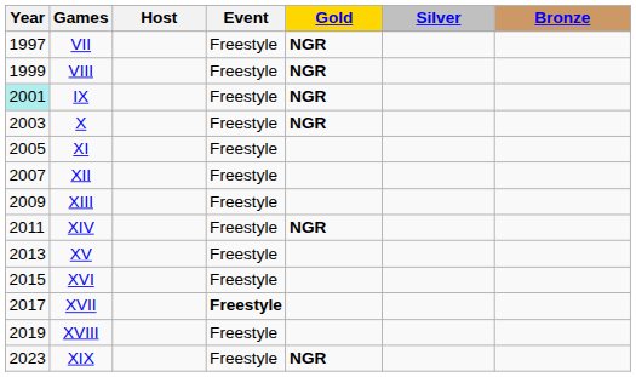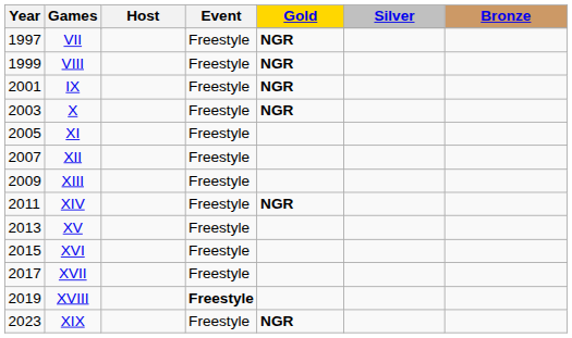 <table class="sortable wikitable collapsible collapsed">
 <tr>
 <th rowspan="2" style="width:5%;">Year</th>
 <th rowspan="2" style="width:5%;">Games</th>
 <th rowspan="2" style="width:15%;">Host</th>
 <th rowspan="2" style="width:12%;">Event</th>
 <th style="background-color: gold"><a href='#'>Gold</a></th>
 <th style="background-color: silver"><a href='#'>Silver</a></th>
 <th style="background-color: #CC9966"><a href='#'>Bronze</a></th>
 </tr>
 <tr>
 </tr>
 <tr>
 <td>1997</td>
 <td align=center><a href='#'>VII</a></td>
 <td align="left"></td>
 <td>Freestyle</td>
 <td align="left"> <strong>NGR</strong></td>
 <td align="left"></td>
 <td align="left"></td>
 </tr>
 <tr>
 <td>1999</td>
 <td align=center><a href='#'>VIII</a></td>
 <td align="left"></td>
 <td>Freestyle</td>
 <td align="left"> <strong>NGR</strong></td>
 <td align="left"></td>
 <td align="left"></td>
 </tr>
 <tr>
-<td style="background: paleturquoise;">2001</td>
+<td>2001</td>
 <td align=center><a href='#'>IX</a></td>
 <td align="left"></td>
 <td>Freestyle</td>
 <td align="left"> <strong>NGR</strong></td>
 <td align="left"></td>
 <td align="left"></td>
 </tr>
 <tr>
 <td>2003</td>
 <td align=center><a href='#'>X</a></td>
 <td align="left"></td>
 <td>Freestyle</td>
 <td align="left"> <strong>NGR</strong></td>
 <td align="left"></td>
 <td align="left"></td>
 </tr>
 <tr>
 <td>2005</td>
 <td align=center><a href='#'>XI</a></td>
 <td align="left"></td>
 <td>Freestyle</td>
 <td align="left"></td>
 <td align="left"></td>
 <td align="left"></td>
 </tr>
 <tr>
 <td>2007</td>
 <td align=center><a href='#'>XII</a></td>
 <td align="left"></td>
 <td>Freestyle</td>
 <td align="left"></td>
 <td align="left"></td>
 <td align="left"></td>
 </tr>
 <tr>
 <td>2009</td>
 <td align=center><a href='#'>XIII</a></td>
 <td align="left"></td>
 <td>Freestyle</td>
 <td align="left"></td>
 <td align="left"></td>
 <td align="left"></td>
 </tr>
 <tr>
 <td>2011</td>
 <td align=center><a href='#'>XIV</a></td>
 <td align="left"></td>
 <td>Freestyle</td>
 <td align="left"> <strong>NGR</strong></td>
 <td align="left"></td>
 <td align="left"></td>
 </tr>
 <tr>
 <td>2013</td>
 <td align=center><a href='#'>XV</a></td>
 <td align="left"></td>
 <td>Freestyle</td>
 <td align="left"></td>
 <td align="left"></td>
 <td align="left"></td>
 </tr>
 <tr>
 <td>2015</td>
 <td align=center><a href='#'>XVI</a></td>
 <td align="left"></td>
 <td>Freestyle</td>
 <td align="left"></td>
 <td align="left"></td>
 <td align="left"></td>
 </tr>
 <tr>
 <td>2017</td>
 <td align=center><a href='#'>XVII</a></td>
 <td align="left"></td>
-<td><strong>Freestyle</strong></td>
+<td>Freestyle</td>
 <td align="left"></td>
 <td align="left"></td>
 <td align="left"></td>
 </tr>
 <tr>
 <td>2019</td>
 <td align=center><a href='#'>XVIII</a></td>
 <td align="left"></td>
-<td>Freestyle</td>
+<td><strong>Freestyle</strong></td>
 <td align="left"></td>
 <td align="left"></td>
 <td align="left"></td>
 </tr>
 <tr>
 <td>2023</td>
 <td align=center><a href='#'>XIX</a></td>
 <td align="left"></td>
 <td>Freestyle</td>
 <td align="left"> <strong>NGR</strong></td>
 <td align="left"></td>
 <td align="left"></td>
 </tr>
 </table>
